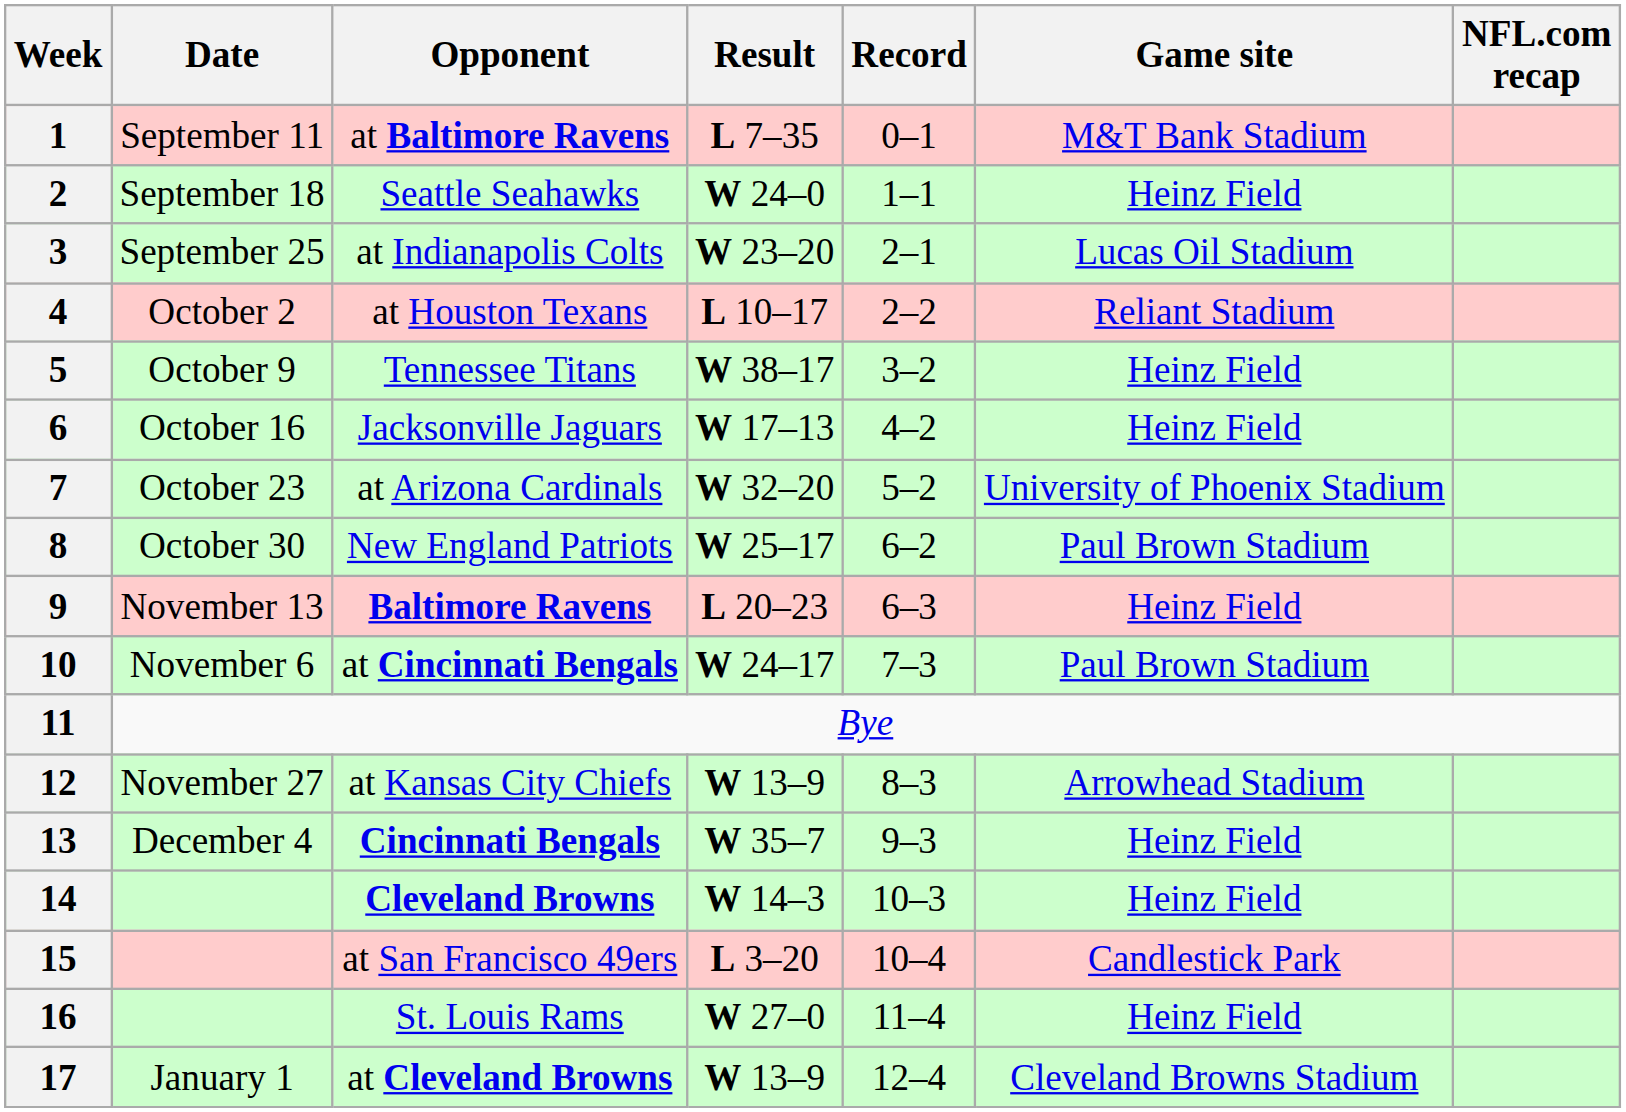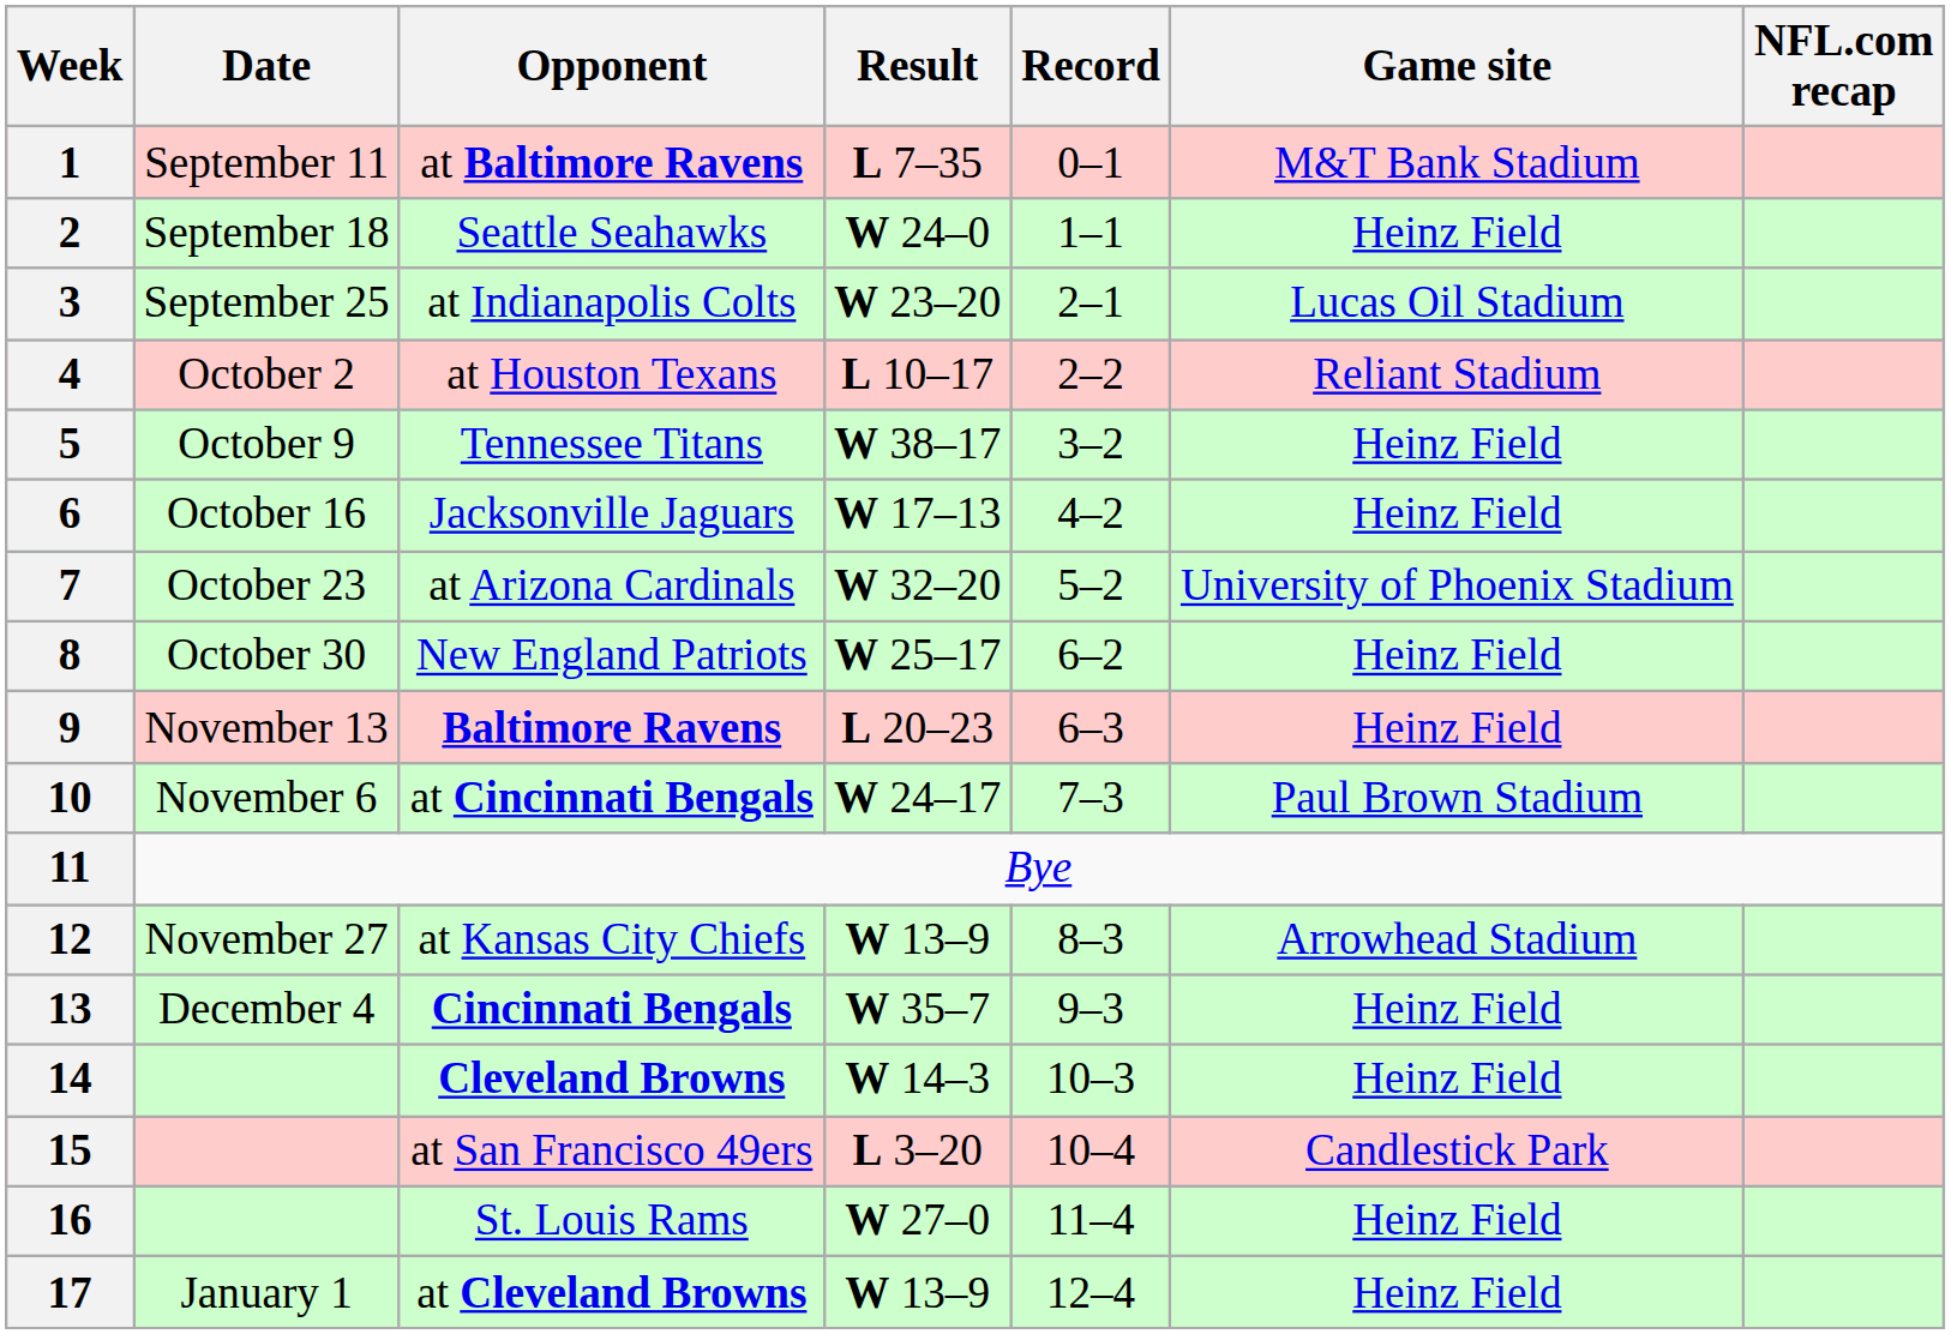 <table class="wikitable" style="text-align:center">
 <tr>
 <th>Week</th>
 <th>Date</th>
 <th>Opponent</th>
 <th>Result</th>
 <th>Record</th>
 <th>Game site</th>
 <th>NFL.com<br>recap</th>
 </tr>
 <tr style="background:#fcc;">
 <th>1</th>
 <td>September 11</td>
 <td>at <strong><a href='#'>Baltimore Ravens</a></strong></td>
 <td><strong>L</strong> 7–35</td>
 <td>0–1</td>
 <td><a href='#'>M&T Bank Stadium</a></td>
 <td></td>
 </tr>
 <tr style="background:#cfc">
 <th>2</th>
 <td>September 18</td>
 <td><a href='#'>Seattle Seahawks</a></td>
 <td><strong>W</strong> 24–0</td>
 <td>1–1</td>
 <td><a href='#'>Heinz Field</a></td>
 <td></td>
 </tr>
 <tr style="background:#cfc">
 <th>3</th>
 <td>September 25</td>
 <td>at <a href='#'>Indianapolis Colts</a></td>
 <td><strong>W</strong> 23–20</td>
 <td>2–1</td>
 <td><a href='#'>Lucas Oil Stadium</a></td>
 <td></td>
 </tr>
 <tr style="background:#fcc">
 <th>4</th>
 <td>October 2</td>
 <td>at <a href='#'>Houston Texans</a></td>
 <td><strong>L</strong> 10–17</td>
 <td>2–2</td>
 <td><a href='#'>Reliant Stadium</a></td>
 <td></td>
 </tr>
 <tr style="background:#cfc">
 <th>5</th>
 <td>October 9</td>
 <td><a href='#'>Tennessee Titans</a></td>
 <td><strong>W</strong> 38–17</td>
 <td>3–2</td>
 <td><a href='#'>Heinz Field</a></td>
 <td></td>
 </tr>
 <tr style="background:#cfc">
 <th>6</th>
 <td>October 16</td>
 <td><a href='#'>Jacksonville Jaguars</a></td>
 <td><strong>W</strong> 17–13</td>
 <td>4–2</td>
 <td><a href='#'>Heinz Field</a></td>
 <td></td>
 </tr>
 <tr style="background:#cfc">
 <th>7</th>
 <td>October 23</td>
 <td>at <a href='#'>Arizona Cardinals</a></td>
 <td><strong>W</strong> 32–20</td>
 <td>5–2</td>
 <td><a href='#'>University of Phoenix Stadium</a></td>
 <td></td>
 </tr>
 <tr style="background:#cfc">
 <th>8</th>
 <td>October 30</td>
 <td><a href='#'>New England Patriots</a></td>
 <td><strong>W</strong> 25–17</td>
 <td>6–2</td>
-<td><a href='#'>Paul Brown Stadium</a></td>
+<td><a href='#'>Heinz Field</a></td>
 <td></td>
 </tr>
 <tr style="background:#fcc">
 <th>9</th>
 <td>November 13</td>
 <td><strong><a href='#'>Baltimore Ravens</a></strong></td>
 <td><strong>L</strong> 20–23</td>
 <td>6–3</td>
 <td><a href='#'>Heinz Field</a></td>
 <td></td>
 </tr>
 <tr style="background:#cfc">
 <th>10</th>
 <td>November 6</td>
 <td>at <strong><a href='#'>Cincinnati Bengals</a></strong></td>
 <td><strong>W</strong> 24–17</td>
 <td>7–3</td>
 <td><a href='#'>Paul Brown Stadium</a></td>
 <td></td>
 </tr>
 <tr>
 <th>11</th>
 <td colspan="8"><em><a href='#'>Bye</a></em></td>
 </tr>
 <tr style="background:#cfc">
 <th>12</th>
 <td>November 27</td>
 <td>at <a href='#'>Kansas City Chiefs</a></td>
 <td><strong>W</strong> 13–9</td>
 <td>8–3</td>
 <td><a href='#'>Arrowhead Stadium</a></td>
 <td></td>
 </tr>
 <tr style="background:#cfc">
 <th>13</th>
 <td>December 4</td>
 <td><strong><a href='#'>Cincinnati Bengals</a></strong></td>
 <td><strong>W</strong> 35–7</td>
 <td>9–3</td>
 <td><a href='#'>Heinz Field</a></td>
 <td></td>
 </tr>
 <tr style="background:#cfc">
 <th>14</th>
 <td></td>
 <td><strong><a href='#'>Cleveland Browns</a></strong></td>
 <td><strong>W</strong> 14–3</td>
 <td>10–3</td>
 <td><a href='#'>Heinz Field</a></td>
 <td></td>
 </tr>
 <tr style="background:#fcc">
 <th>15</th>
 <td></td>
 <td>at <a href='#'>San Francisco 49ers</a></td>
 <td><strong>L</strong> 3–20</td>
 <td>10–4</td>
 <td><a href='#'>Candlestick Park</a></td>
 <td></td>
 </tr>
 <tr style="background:#cfc">
 <th>16</th>
 <td></td>
 <td><a href='#'>St. Louis Rams</a></td>
 <td><strong>W</strong> 27–0</td>
 <td>11–4</td>
 <td><a href='#'>Heinz Field</a></td>
 <td></td>
 </tr>
 <tr style="background:#cfc">
 <th>17</th>
 <td>January 1</td>
 <td>at <strong><a href='#'>Cleveland Browns</a></strong></td>
 <td><strong>W</strong> 13–9</td>
 <td>12–4</td>
-<td><a href='#'>Cleveland Browns Stadium</a></td>
+<td><a href='#'>Heinz Field</a></td>
 <td></td>
 </tr>
 </table>
